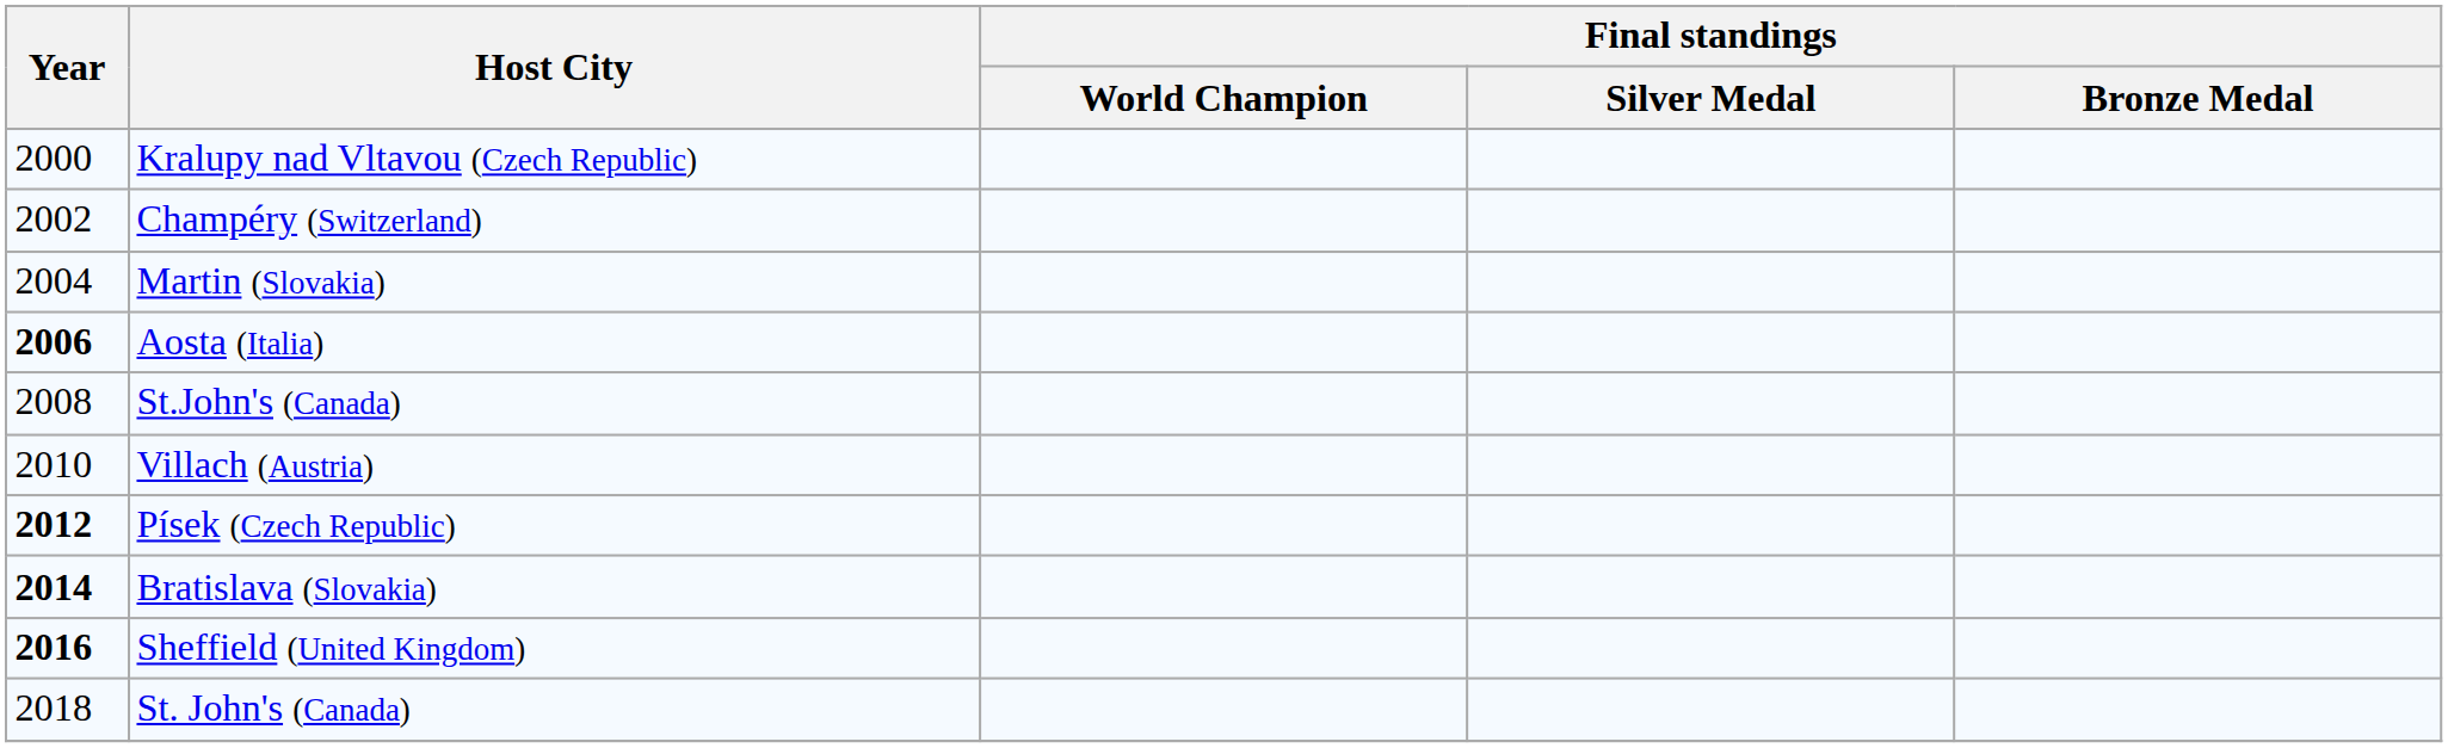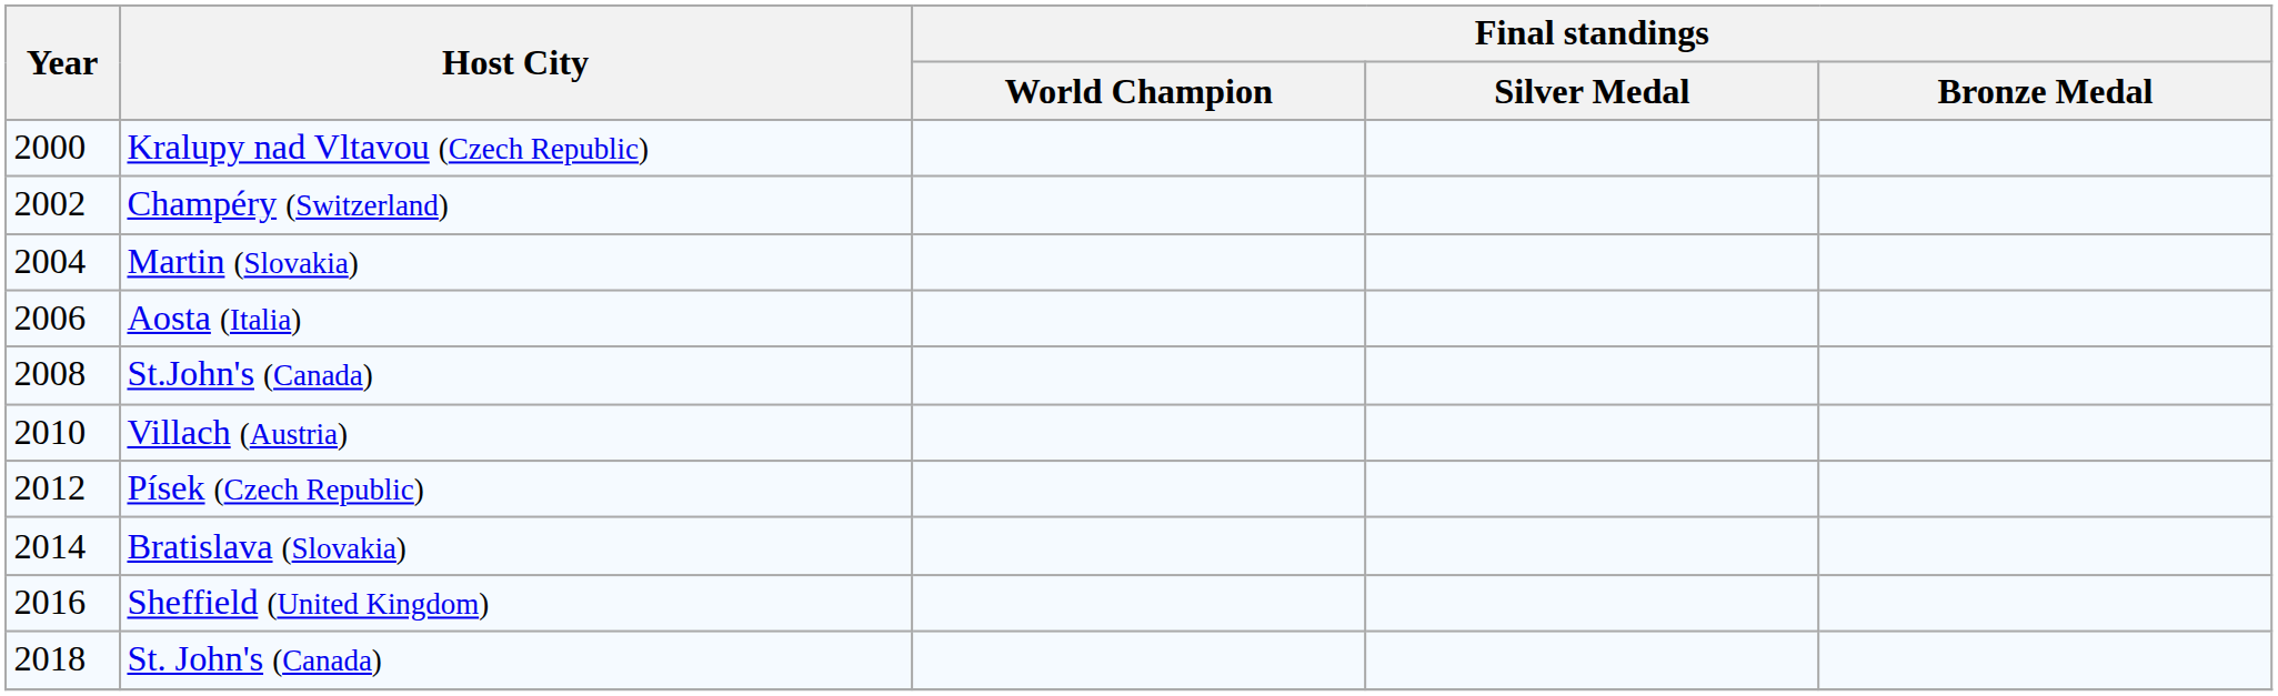 <table class="wikitable zebra" style="text-align:left; background-color:#F5FAFF; width:80%">
 <tr class="hintergrundfarbe5">
 <th rowspan="2" style="width:5%">Year</th>
 <th rowspan="2" style="width:35%">Host City</th>
 <th colspan="4">Final standings</th>
 </tr>
 <tr>
 <th style="width:20%">World Champion</th>
 <th style="width:20%">Silver Medal</th>
 <th style="width:20%">Bronze Medal</th>
 </tr>
 <tr>
 <td>2000</td>
 <td><a href='#'>Kralupy nad Vltavou</a> <small>(<a href='#'>Czech Republic</a>)</small></td>
 <td></td>
 <td></td>
 <td></td>
 </tr>
 <tr>
 <td>2002</td>
 <td><a href='#'>Champéry</a> <small>(<a href='#'>Switzerland</a>)</small></td>
 <td></td>
 <td></td>
 <td></td>
 </tr>
 <tr>
 <td>2004</td>
 <td><a href='#'>Martin</a> <small>(<a href='#'>Slovakia</a>)</small></td>
 <td></td>
 <td></td>
 <td></td>
 </tr>
 <tr>
-<td><strong>2006</strong></td>
+<td>2006</td>
 <td><a href='#'>Aosta</a> <small>(<a href='#'>Italia</a>)</small></td>
 <td></td>
 <td></td>
 <td></td>
 </tr>
 <tr>
 <td>2008</td>
 <td><a href='#'>St.John's</a> <small>(<a href='#'>Canada</a>)</small></td>
 <td></td>
 <td></td>
 <td></td>
 </tr>
 <tr>
 <td>2010</td>
 <td><a href='#'>Villach</a> <small>(<a href='#'>Austria</a>)</small></td>
 <td></td>
 <td></td>
 <td></td>
 </tr>
 <tr>
-<td><strong>2012</strong></td>
+<td>2012</td>
 <td><a href='#'>Písek</a> <small>(<a href='#'>Czech Republic</a>)</small></td>
 <td></td>
 <td></td>
 <td></td>
 </tr>
 <tr>
-<td><strong>2014</strong></td>
+<td>2014</td>
 <td><a href='#'>Bratislava</a> <small>(<a href='#'>Slovakia</a>)</small></td>
 <td></td>
 <td></td>
 <td></td>
 </tr>
 <tr>
-<td><strong>2016</strong></td>
+<td>2016</td>
 <td><a href='#'>Sheffield</a> <small>(<a href='#'>United Kingdom</a>)</small></td>
 <td></td>
 <td></td>
 <td></td>
 </tr>
 <tr>
 <td>2018</td>
 <td><a href='#'>St. John's</a> <small>(<a href='#'>Canada</a>)</small></td>
 <td></td>
 <td></td>
 <td></td>
 </tr>
 <tr>
 </tr>
 </table>
